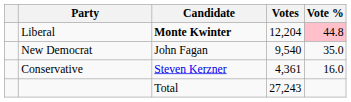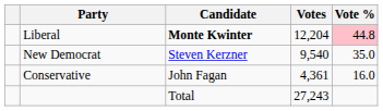 <table class="wikitable">
 <tr>
 <th></th>
 <th scope="col" width="175">Party</th>
 <th scope="col" width="150">Candidate</th>
 <th>Votes</th>
 <th>Vote %</th>
 </tr>
 <tr>
 <td>   </td>
 <td>Liberal</td>
 <td><strong>Monte Kwinter</strong></td>
 <td align=right>12,204</td>
 <td align=right style="background: pink;">44.8</td>
 </tr>
 <tr>
 <td>   </td>
 <td>New Democrat</td>
-<td>John Fagan</td>
+<td><a href='#'>Steven Kerzner</a></td>
 <td align=right>9,540</td>
 <td align=right>35.0</td>
 </tr>
 <tr |>
 <td>   </td>
 <td>Conservative</td>
-<td><a href='#'>Steven Kerzner</a></td>
+<td>John Fagan</td>
 <td align=right>4,361</td>
 <td align=right>16.0<br> </td>
 </tr>
 <tr |>
 <td></td>
 <td></td>
 <td>Total</td>
 <td align=right>27,243</td>
 <td></td>
 </tr>
 </table>
